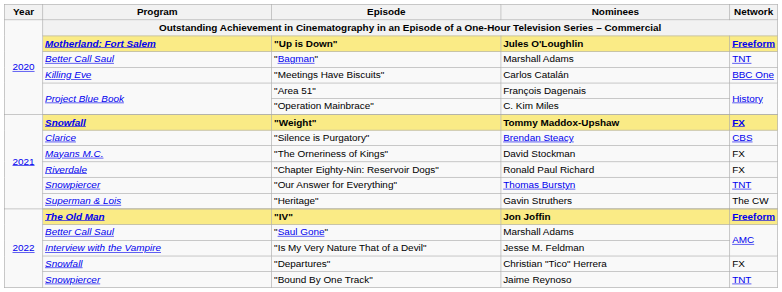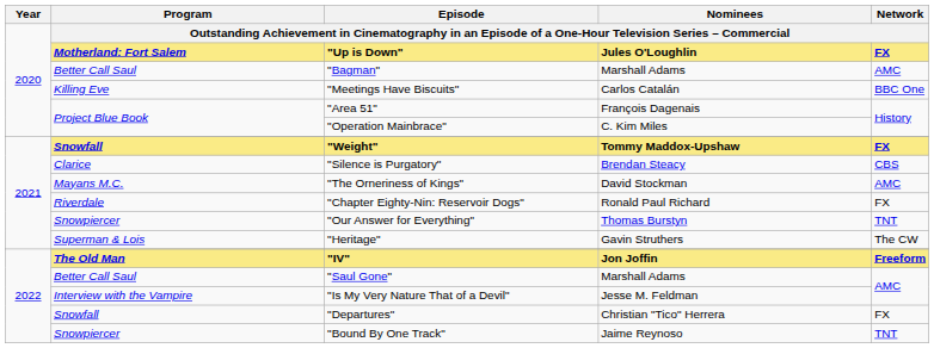 <table class="wikitable">
 <tr>
 <th width="5%">Year</th>
 <th width="30%">Program</th>
 <th width="30%">Episode</th>
 <th width="30%">Nominees</th>
 <th width="5%">Network</th>
 </tr>
 <tr>
 <td rowspan="6" style="text-align:center;"><a href='#'>2020</a><br></td>
 <th colspan="4">Outstanding Achievement in Cinematography in an Episode of a One-Hour Television Series – Commercial</th>
 </tr>
 <tr style="background:#FAEB86;">
 <td><strong><em><a href='#'>Motherland: Fort Salem</a></em></strong></td>
 <td><strong>"Up is Down"</strong></td>
 <td><strong>Jules O'Loughlin</strong></td>
-<td><strong><a href='#'>Freeform</a></strong></td>
+<td><strong><a href='#'>FX</a></strong></td>
 </tr>
 <tr>
 <td><em><a href='#'>Better Call Saul</a></em></td>
 <td>"<a href='#'>Bagman</a>"</td>
 <td>Marshall Adams</td>
-<td><a href='#'>TNT</a></td>
+<td><a href='#'>AMC</a></td>
 </tr>
 <tr>
 <td><em><a href='#'>Killing Eve</a></em></td>
 <td>"Meetings Have Biscuits"</td>
 <td>Carlos Catalán</td>
 <td><a href='#'>BBC One</a></td>
 </tr>
 <tr>
 <td rowspan=2><em><a href='#'>Project Blue Book</a></em></td>
 <td>"Area 51"</td>
 <td>François Dagenais</td>
 <td rowspan=2><a href='#'>History</a></td>
 </tr>
 <tr>
 <td>"Operation Mainbrace"</td>
 <td>C. Kim Miles</td>
 </tr>
 <tr>
 <td rowspan="7" style="text-align:center;"><a href='#'>2021</a> <br></td>
 </tr>
 <tr style="background:#FAEB86;">
 <td><strong><em><a href='#'>Snowfall</a></em></strong></td>
 <td><strong>"Weight"</strong></td>
 <td><strong>Tommy Maddox-Upshaw</strong></td>
 <td><strong><a href='#'>FX</a></strong></td>
 </tr>
 <tr>
 <td><em><a href='#'>Clarice</a></em></td>
 <td>"Silence is Purgatory"</td>
 <td><a href='#'>Brendan Steacy</a></td>
 <td><a href='#'>CBS</a></td>
 </tr>
 <tr>
 <td><em><a href='#'>Mayans M.C.</a></em></td>
 <td>"The Orneriness of Kings"</td>
 <td>David Stockman</td>
-<td>FX</td>
+<td><a href='#'>AMC</a></td>
 </tr>
 <tr>
 <td><em><a href='#'>Riverdale</a></em></td>
 <td>"Chapter Eighty-Nin: Reservoir Dogs"</td>
 <td>Ronald Paul Richard</td>
 <td>FX</td>
 </tr>
 <tr>
 <td><em><a href='#'>Snowpiercer</a></em></td>
 <td>"Our Answer for Everything"</td>
 <td><a href='#'>Thomas Burstyn</a></td>
 <td><a href='#'>TNT</a></td>
 </tr>
 <tr>
 <td><em><a href='#'>Superman & Lois</a></em></td>
 <td>"Heritage"</td>
 <td>Gavin Struthers</td>
 <td>The CW</td>
 </tr>
 <tr>
 <td rowspan="6" style="text-align:center;"><a href='#'>2022</a> <br></td>
 </tr>
 <tr style="background:#FAEB86;">
 <td><strong><em><a href='#'>The Old Man</a></em></strong></td>
 <td><strong>"IV"</strong></td>
 <td><strong>Jon Joffin</strong></td>
 <td><strong><a href='#'>Freeform</a></strong></td>
 </tr>
 <tr>
 <td><em><a href='#'>Better Call Saul</a></em></td>
 <td>"<a href='#'>Saul Gone</a>"</td>
 <td>Marshall Adams</td>
 <td rowspan="2"><a href='#'>AMC</a></td>
 </tr>
 <tr>
 <td><em><a href='#'>Interview with the Vampire</a></em></td>
 <td>"Is My Very Nature That of a Devil"</td>
 <td>Jesse M. Feldman</td>
 </tr>
 <tr>
 <td><em><a href='#'>Snowfall</a></em></td>
 <td>"Departures"</td>
 <td>Christian "Tico" Herrera</td>
 <td>FX</td>
 </tr>
 <tr>
 <td><em><a href='#'>Snowpiercer</a></em></td>
 <td>"Bound By One Track"</td>
 <td>Jaime Reynoso</td>
 <td><a href='#'>TNT</a></td>
 </tr>
 </table>
